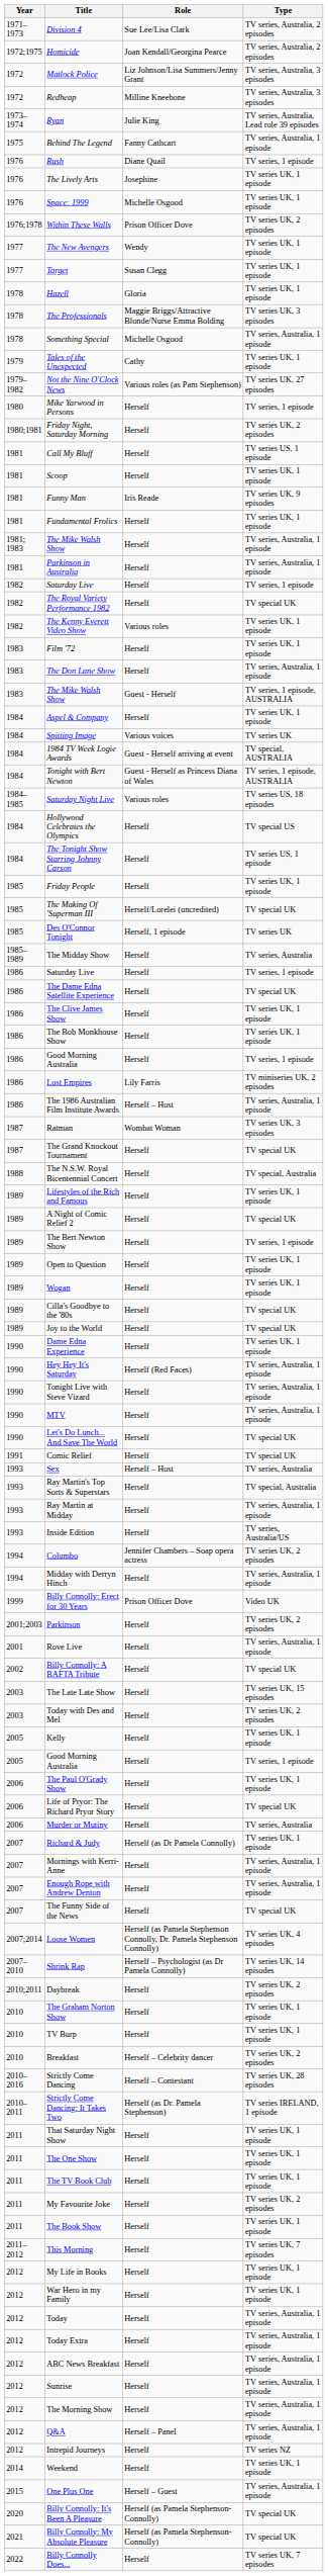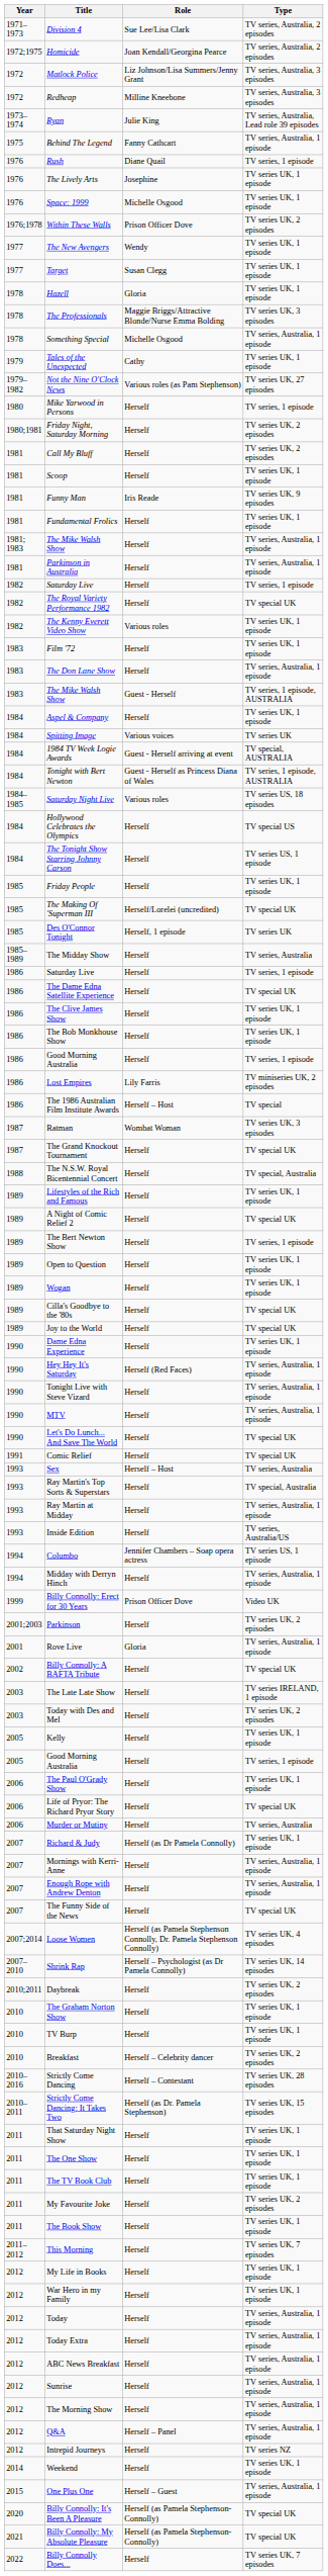 <table class="wikitable plainrowheaders sortable">
 <tr>
 <th scope="col">Year</th>
 <th scope="col">Title</th>
 <th scope="col">Role</th>
 <th scope="col">Type</th>
 </tr>
 <tr>
 <td>1971–1973</td>
 <td><em><a href='#'>Division 4</a></em></td>
 <td>Sue Lee/Lisa Clark</td>
 <td>TV series, Australia, 2 episodes</td>
 </tr>
 <tr>
 <td>1972;1975</td>
 <td><em><a href='#'>Homicide</a></em></td>
 <td>Joan Kendall/Georgina Pearce</td>
 <td>TV series, Australia, 2 episodes</td>
 </tr>
 <tr>
 <td>1972</td>
 <td><em><a href='#'>Matlock Police</a></em></td>
 <td>Liz Johnson/Lisa Summers/Jenny Grant</td>
 <td>TV series, Australia, 3 episodes</td>
 </tr>
 <tr>
 <td>1972</td>
 <td><em>Redheap</em></td>
 <td>Milline Kneebone</td>
 <td>TV series, Australia, 3 episodes</td>
 </tr>
 <tr>
 <td>1973–1974</td>
 <td><em><a href='#'>Ryan</a></em></td>
 <td>Julie King</td>
 <td>TV series, Australia, Lead role 39 episodes</td>
 </tr>
 <tr>
 <td>1975</td>
 <td><em>Behind The Legend</em></td>
 <td>Fanny Cathcart</td>
 <td>TV series, Australia, 1 episode</td>
 </tr>
 <tr>
 <td>1976</td>
 <td><em><a href='#'>Rush</a></em></td>
 <td>Diane Quail</td>
 <td>TV series, 1 episode</td>
 </tr>
 <tr>
 <td>1976</td>
 <td><em>The Lively Arts</em></td>
 <td>Josephine</td>
 <td>TV series UK, 1 episode</td>
 </tr>
 <tr>
 <td>1976</td>
 <td><em><a href='#'>Space: 1999</a></em></td>
 <td>Michelle Osgood</td>
 <td>TV series UK, 1 episode</td>
 </tr>
 <tr>
 <td>1976;1978</td>
 <td><em><a href='#'>Within These Walls</a></em></td>
 <td>Prison Officer Dove</td>
 <td>TV series UK, 2 episodes</td>
 </tr>
 <tr>
 <td>1977</td>
 <td><em><a href='#'>The New Avengers</a></em></td>
 <td>Wendy</td>
 <td>TV series UK, 1 episode</td>
 </tr>
 <tr>
 <td>1977</td>
 <td><em><a href='#'>Target</a></em></td>
 <td>Susan Clegg</td>
 <td>TV series UK, 1 episode</td>
 </tr>
 <tr>
 <td>1978</td>
 <td><em><a href='#'>Hazell</a></em></td>
 <td>Gloria</td>
 <td>TV series UK, 1 episode</td>
 </tr>
 <tr>
 <td>1978</td>
 <td><em><a href='#'>The Professionals</a></em></td>
 <td>Maggie Briggs/Attractive Blonde/Nurse Emma Bolding</td>
 <td>TV series UK, 3 episodes</td>
 </tr>
 <tr>
 <td>1978</td>
 <td><em>Something Special</em></td>
 <td>Michelle Osgood</td>
 <td>TV series, Australia, 1 episode</td>
 </tr>
 <tr>
 <td>1979</td>
 <td><em><a href='#'>Tales of the Unexpected</a></em></td>
 <td>Cathy</td>
 <td>TV series UK, 1 episode</td>
 </tr>
 <tr>
 <td>1979–1982</td>
 <td><em><a href='#'>Not the Nine O'Clock News</a></em></td>
 <td>Various roles (as Pam Stephenson)</td>
 <td>TV series UK, 27 episodes</td>
 </tr>
 <tr>
 <td>1980</td>
 <td><em>Mike Yarwood in Persons</em></td>
 <td>Herself</td>
 <td>TV series, 1 episode</td>
 </tr>
 <tr>
 <td>1980;1981</td>
 <td><em>Friday Night, Saturday Morning</em></td>
 <td>Herself</td>
 <td>TV series UK, 2 episodes</td>
 </tr>
 <tr>
 <td>1981</td>
 <td><em>Call My Bluff</em></td>
 <td>Herself</td>
-<td>TV series US, 1 episode</td>
+<td>TV series UK, 2 episodes</td>
 </tr>
 <tr>
 <td>1981</td>
 <td><em>Scoop</em></td>
 <td>Herself</td>
 <td>TV series UK, 1 episode</td>
 </tr>
 <tr>
 <td>1981</td>
 <td><em>Funny Man</em></td>
 <td>Iris Reade</td>
 <td>TV series UK, 9 episodes</td>
 </tr>
 <tr>
 <td>1981</td>
 <td><em>Fundamental Frolics</em></td>
 <td>Herself</td>
 <td>TV series UK, 1 episode</td>
 </tr>
 <tr>
 <td>1981; 1983</td>
 <td><em><a href='#'>The Mike Walsh Show</a></em></td>
 <td>Herself</td>
 <td>TV series, Australia, 1 episode</td>
 </tr>
 <tr>
 <td>1981</td>
 <td><em><a href='#'>Parkinson in Australia</a></em></td>
 <td>Herself</td>
 <td>TV series, Australia, 1 episode</td>
 </tr>
 <tr>
 <td>1982</td>
 <td><em>Saturday Live</em></td>
 <td>Herself</td>
 <td>TV series, 1 episode</td>
 </tr>
 <tr>
 <td>1982</td>
 <td><em><a href='#'>The Royal Variety Performance 1982</a></em></td>
 <td>Herself</td>
 <td>TV special UK</td>
 </tr>
 <tr>
 <td>1982</td>
 <td><em><a href='#'>The Kenny Everett Video Show</a></em></td>
 <td>Various roles</td>
 <td>TV series UK, 1 episode</td>
 </tr>
 <tr>
 <td>1983</td>
 <td><em>Film '72</em></td>
 <td>Herself</td>
 <td>TV series UK, 1 episode</td>
 </tr>
 <tr>
 <td>1983</td>
 <td><em><a href='#'>The Don Lane Show</a></em></td>
 <td>Herself</td>
 <td>TV series, Australia, 1 episode</td>
 </tr>
 <tr>
 <td>1983</td>
 <td><em><a href='#'>The Mike Walsh Show</a></em></td>
 <td>Guest - Herself</td>
 <td>TV series, 1 episode, AUSTRALIA</td>
 </tr>
 <tr>
 <td>1984</td>
 <td><em><a href='#'>Aspel & Company</a></em></td>
 <td>Herself</td>
 <td>TV series UK, 1 episode</td>
 </tr>
 <tr>
 <td>1984</td>
 <td><em><a href='#'>Spitting Image</a></em></td>
 <td>Various voices</td>
 <td>TV series UK</td>
 </tr>
 <tr>
 <td>1984</td>
 <td><em>1984 TV Week Logie Awards</em></td>
 <td>Guest - Herself arriving at event</td>
 <td>TV special, AUSTRALIA</td>
 </tr>
 <tr>
 <td>1984</td>
 <td><em>Tonight with Bert Newton</em></td>
 <td>Guest - Herself as Princess Diana of Wales</td>
 <td>TV series, 1 episode, AUSTRALIA</td>
 </tr>
 <tr>
 <td>1984–1985</td>
 <td><em><a href='#'>Saturday Night Live</a></em></td>
 <td>Various roles</td>
 <td>TV series US, 18 episodes</td>
 </tr>
 <tr>
 <td>1984</td>
 <td><em>Hollywood Celebrates the Olympics</em></td>
 <td>Herself</td>
 <td>TV special US</td>
 </tr>
 <tr>
 <td>1984</td>
 <td><em><a href='#'>The Tonight Show Starring Johnny Carson</a></em></td>
 <td>Herself</td>
 <td>TV series US, 1 episode</td>
 </tr>
 <tr>
 <td>1985</td>
 <td><em>Friday People</em></td>
 <td>Herself</td>
 <td>TV series UK, 1 episode</td>
 </tr>
 <tr>
 <td>1985</td>
 <td><em>The Making Of 'Superman III<strong></td>
 <td>Herself/Lorelei (uncredited)</td>
 <td>TV special UK</td>
 </tr>
 <tr>
 <td>1985</td>
 <td></em><a href='#'>Des O'Connor Tonight</a><em></td>
 <td>Herself, 1 episode</td>
 <td>TV series UK</td>
 </tr>
 <tr>
 <td>1985–1989</td>
 <td></em>The Midday Show<em></td>
 <td>Herself</td>
 <td>TV series, Australia</td>
 </tr>
 <tr>
 <td>1986</td>
 <td></em>Saturday Live<em></td>
 <td>Herself</td>
 <td>TV series, 1 episode</td>
 </tr>
 <tr>
 <td>1986</td>
 <td></em><a href='#'>The Dame Edna Satellite Experience</a><em></td>
 <td>Herself</td>
 <td>TV special UK</td>
 </tr>
 <tr>
 <td>1986</td>
 <td></em><a href='#'>The Clive James Show</a><em></td>
 <td>Herself</td>
 <td>TV series UK, 1 episode</td>
 </tr>
 <tr>
 <td>1986</td>
 <td></em>The Bob Monkhouse Show<em></td>
 <td>Herself</td>
 <td>TV series UK, 1 episode</td>
 </tr>
 <tr>
 <td>1986</td>
 <td></em>Good Morning Australia<em></td>
 <td>Herself</td>
 <td>TV series, 1 episode</td>
 </tr>
 <tr>
 <td>1986</td>
 <td></em><a href='#'>Lost Empires</a><em></td>
 <td>Lily Farris</td>
 <td>TV miniseries UK, 2 episodes</td>
 </tr>
 <tr>
 <td>1986</td>
 <td>The 1986 Australian Film Institute Awards</td>
 <td>Herself – Host</td>
-<td>TV series, Australia, 1 episode</td>
+<td>TV special</td>
 </tr>
 <tr>
 <td>1987</td>
 <td></em>Ratman<em></td>
 <td>Wombat Woman</td>
 <td>TV series UK, 3 episodes</td>
 </tr>
 <tr>
 <td>1987</td>
 <td></em>The Grand Knockout Tournament<em></td>
 <td>Herself</td>
 <td>TV special UK</td>
 </tr>
 <tr>
 <td>1988</td>
 <td></em>The N.S.W. Royal Bicentennial Concert<em></td>
 <td>Herself</td>
 <td>TV special, Australia</td>
 </tr>
 <tr>
 <td>1989</td>
 <td></em><a href='#'>Lifestyles of the Rich and Famous</a><em></td>
 <td>Herself</td>
 <td>TV series UK, 1 episode</td>
 </tr>
 <tr>
 <td>1989</td>
 <td></em>A Night of Comic Relief 2<em></td>
 <td>Herself</td>
 <td>TV special UK</td>
 </tr>
 <tr>
 <td>1989</td>
 <td></em>The Bert Newton Show<em></td>
 <td>Herself</td>
 <td>TV series, 1 episode</td>
 </tr>
 <tr>
 <td>1989</td>
 <td></em>Open to Question<em></td>
 <td>Herself</td>
 <td>TV series UK, 1 episode</td>
 </tr>
 <tr>
 <td>1989</td>
 <td></em><a href='#'>Wogan</a><em></td>
 <td>Herself</td>
 <td>TV series UK, 1 episode</td>
 </tr>
 <tr>
 <td>1989</td>
 <td></em>Cilla's Goodbye to the '80s<em></td>
 <td>Herself</td>
 <td>TV special UK</td>
 </tr>
 <tr>
 <td>1989</td>
 <td></em>Joy to the World<em></td>
 <td>Herself</td>
 <td>TV special UK</td>
 </tr>
 <tr>
 <td>1990</td>
 <td></em><a href='#'>Dame Edna Experience</a><em></td>
 <td>Herself</td>
 <td>TV series UK, 1 episode</td>
 </tr>
 <tr>
 <td>1990</td>
 <td></em><a href='#'>Hey Hey It's Saturday</a><em></td>
 <td>Herself (Red Faces)</td>
 <td>TV series, Australia, 1 episode</td>
 </tr>
 <tr>
 <td>1990</td>
 <td></em>Tonight Live with Steve Vizard<em></td>
 <td>Herself</td>
 <td>TV series, Australia, 1 episode</td>
 </tr>
 <tr>
 <td>1990</td>
 <td></em><a href='#'>MTV</a><em></td>
 <td>Herself</td>
 <td>TV series, Australia, 1 episode</td>
 </tr>
 <tr>
 <td>1990</td>
 <td></em><a href='#'>Let's Do Lunch... And Save The World</a><em></td>
 <td>Herself</td>
 <td>TV special UK</td>
 </tr>
 <tr>
 <td>1991</td>
 <td></em>Comic Relief<em></td>
 <td>Herself</td>
 <td>TV special UK</td>
 </tr>
 <tr>
 <td>1993</td>
 <td></em><a href='#'>Sex</a><em></td>
 <td>Herself – Host</td>
 <td>TV series, Australia</td>
 </tr>
 <tr>
 <td>1993</td>
 <td></em>Ray Martin's Top Sorts & Superstars<em></td>
 <td>Herself</td>
 <td>TV special, Australia</td>
 </tr>
 <tr>
 <td>1993</td>
 <td></em>Ray Martin at Midday<em></td>
 <td>Herself</td>
 <td>TV series, Australia, 1 episode</td>
 </tr>
 <tr>
 <td>1993</td>
 <td></em>Inside Edition<em></td>
 <td>Herself</td>
 <td>TV series, Australia/US</td>
 </tr>
 <tr>
 <td>1994</td>
 <td></em><a href='#'>Columbo</a><em></td>
 <td>Jennifer Chambers – Soap opera actress</td>
-<td>TV series UK, 2 episodes</td>
+<td>TV series US, 1 episode</td>
 </tr>
 <tr>
 <td>1994</td>
 <td></em>Midday with Derryn Hinch<em></td>
 <td>Herself</td>
 <td>TV series, Australia, 1 episode</td>
 </tr>
 <tr>
 <td>1999</td>
 <td></em><a href='#'>Billy Connolly: Erect for 30 Years</a><em></td>
 <td>Prison Officer Dove</td>
 <td>Video UK</td>
 </tr>
 <tr>
 <td>2001;2003</td>
 <td></em><a href='#'>Parkinson</a><em></td>
 <td>Herself</td>
 <td>TV series UK, 2 episodes</td>
 </tr>
 <tr>
 <td>2001</td>
 <td></em>Rove Live<em></td>
-<td>Herself</td>
+<td>Gloria</td>
 <td>TV series, Australia, 1 episode</td>
 </tr>
 <tr>
 <td>2002</td>
 <td></em><a href='#'>Billy Connolly: A BAFTA Tribute</a><em></td>
 <td>Herself</td>
 <td>TV special UK</td>
 </tr>
 <tr>
 <td>2003</td>
 <td></em>The Late Late Show<em></td>
 <td>Herself</td>
-<td>TV series UK, 15 episodes</td>
+<td>TV series IRELAND, 1 episode</td>
 </tr>
 <tr>
 <td>2003</td>
 <td></em>Today with Des and Mel<em></td>
 <td>Herself</td>
 <td>TV series UK, 2 episodes</td>
 </tr>
 <tr>
 <td>2005</td>
 <td></em>Kelly<em></td>
 <td>Herself</td>
 <td>TV series UK, 1 episode</td>
 </tr>
 <tr>
 <td>2005</td>
 <td></em>Good Morning Australia<em></td>
 <td>Herself</td>
 <td>TV series, 1 episode</td>
 </tr>
 <tr>
 <td>2006</td>
 <td></em><a href='#'>The Paul O'Grady Show</a><em></td>
 <td>Herself</td>
 <td>TV series UK, 1 episode</td>
 </tr>
 <tr>
 <td>2006</td>
 <td></em>Life of Pryor: The Richard Pryor Story<em></td>
 <td>Herself</td>
 <td>TV special UK</td>
 </tr>
 <tr>
 <td>2006</td>
 <td></em><a href='#'>Murder or Mutiny</a><em></td>
 <td>Herself</td>
 <td>TV series, Australia</td>
 </tr>
 <tr>
 <td>2007</td>
 <td></em><a href='#'>Richard & Judy</a><em></td>
 <td>Herself (as Dr Pamela Connolly)</td>
 <td>TV series UK, 1 episode</td>
 </tr>
 <tr>
 <td>2007</td>
 <td></em>Mornings with Kerri-Anne<em></td>
 <td>Herself</td>
 <td>TV series, Australia, 1 episode</td>
 </tr>
 <tr>
 <td>2007</td>
 <td></em><a href='#'>Enough Rope with Andrew Denton</a><em></td>
 <td>Herself</td>
 <td>TV series, Australia, 1 episode</td>
 </tr>
 <tr>
 <td>2007</td>
 <td></em>The Funny Side of the News<em></td>
 <td>Herself</td>
 <td>TV special UK</td>
 </tr>
 <tr>
 <td>2007;2014</td>
 <td></em><a href='#'>Loose Women</a><em></td>
 <td>Herself (as Pamela Stephenson Connolly, Dr. Pamela Stephenson Connolly)</td>
 <td>TV series UK, 4 episodes</td>
 </tr>
 <tr>
 <td>2007–2010</td>
 <td></em><a href='#'>Shrink Rap</a><em></td>
 <td>Herself – Psychologist (as Dr Pamela Connolly)</td>
 <td>TV series UK, 14 episodes</td>
 </tr>
 <tr>
 <td>2010;2011</td>
 <td></em>Daybreak<em></td>
 <td>Herself</td>
 <td>TV series UK, 2 episodes</td>
 </tr>
 <tr>
 <td>2010</td>
 <td></em><a href='#'>The Graham Norton Show</a><em></td>
 <td>Herself</td>
 <td>TV series UK, 1 episode</td>
 </tr>
 <tr>
 <td>2010</td>
 <td></em>TV Burp<em></td>
 <td>Herself</td>
 <td>TV series UK, 1 episode</td>
 </tr>
 <tr>
 <td>2010</td>
 <td></em>Breakfast<em></td>
 <td>Herself – Celebrity dancer</td>
 <td>TV series UK, 2 episodes</td>
 </tr>
 <tr>
 <td>2010–2016</td>
 <td></em>Strictly Come Dancing<em></td>
 <td>Herself – Contestant</td>
 <td>TV series UK, 28 episodes</td>
 </tr>
 <tr>
 <td>2010–2011</td>
 <td></em><a href='#'>Strictly Come Dancing: It Takes Two</a><em></td>
 <td>Herself (as Dr. Pamela Stephenson)</td>
-<td>TV series IRELAND, 1 episode</td>
+<td>TV series UK, 15 episodes</td>
 </tr>
 <tr>
 <td>2011</td>
 <td></em>That Saturday Night Show<em></td>
 <td>Herself</td>
 <td>TV series UK, 1 episode</td>
 </tr>
 <tr>
 <td>2011</td>
 <td></em><a href='#'>The One Show</a><em></td>
 <td>Herself</td>
 <td>TV series UK, 1 episode</td>
 </tr>
 <tr>
 <td>2011</td>
 <td></em><a href='#'>The TV Book Club</a><em></td>
 <td>Herself</td>
 <td>TV series UK, 1 episode</td>
 </tr>
 <tr>
 <td>2011</td>
 <td></em>My Favourite Joke<em></td>
 <td>Herself</td>
 <td>TV series UK, 2 episodes</td>
 </tr>
 <tr>
 <td>2011</td>
 <td></em><a href='#'>The Book Show</a><em></td>
 <td>Herself</td>
 <td>TV series UK, 1 episode</td>
 </tr>
 <tr>
 <td>2011–2012</td>
 <td></em><a href='#'>This Morning</a><em></td>
 <td>Herself</td>
 <td>TV series UK, 7 episodes</td>
 </tr>
 <tr>
 <td>2012</td>
 <td></em>My Life in Books<em></td>
 <td>Herself</td>
 <td>TV series UK, 1 episode</td>
 </tr>
 <tr>
 <td>2012</td>
 <td></em>War Hero in my Family<em></td>
 <td>Herself</td>
 <td>TV series UK, 1 episode</td>
 </tr>
 <tr>
 <td>2012</td>
 <td></em>Today<em></td>
 <td>Herself</td>
 <td>TV series, Australia, 1 episode</td>
 </tr>
 <tr>
 <td>2012</td>
 <td></em>Today Extra<em></td>
 <td>Herself</td>
 <td>TV series, Australia, 1 episode</td>
 </tr>
 <tr>
 <td>2012</td>
 <td></em>ABC News Breakfast<em></td>
 <td>Herself</td>
 <td>TV series, Australia, 1 episode</td>
 </tr>
 <tr>
 <td>2012</td>
 <td></em>Sunrise<em></td>
 <td>Herself</td>
 <td>TV series, Australia, 1 episode</td>
 </tr>
 <tr>
 <td>2012</td>
 <td></em>The Morning Show<em></td>
 <td>Herself</td>
 <td>TV series, Australia, 1 episode</td>
 </tr>
 <tr>
 <td>2012</td>
 <td></em><a href='#'>Q&A</a><em></td>
 <td>Herself – Panel</td>
 <td>TV series, Australia, 1 episode</td>
 </tr>
 <tr>
 <td>2012</td>
 <td></em>Intrepid Journeys<em></td>
 <td>Herself</td>
 <td>TV series NZ</td>
 </tr>
 <tr>
 <td>2014</td>
 <td></em>Weekend<em></td>
 <td>Herself</td>
 <td>TV series UK, 1 episode</td>
 </tr>
 <tr>
 <td>2015</td>
 <td></em><a href='#'>One Plus One</a><em></td>
 <td>Herself – Guest</td>
 <td>TV series, Australia, 1 episode</td>
 </tr>
 <tr>
 <td>2020</td>
 <td></em><a href='#'>Billy Connolly: It's Been A Pleasure</a><em></td>
 <td>Herself (as Pamela Stephenson-Connolly)</td>
 <td>TV special UK</td>
 </tr>
 <tr>
 <td>2021</td>
 <td></em><a href='#'>Billy Connolly: My Absolute Pleasure</a><em></td>
 <td>Herself (as Pamela Stephenson-Connolly)</td>
 <td>TV special UK</td>
 </tr>
 <tr>
 <td>2022</td>
 <td></em><a href='#'>Billy Connolly Does...</a><em></td>
 <td>Herself</td>
 <td>TV series UK, 7 episodes</td>
 </tr>
 </table>
